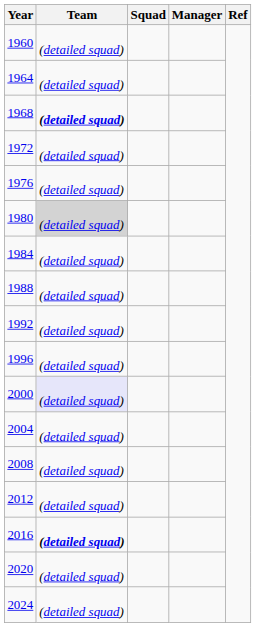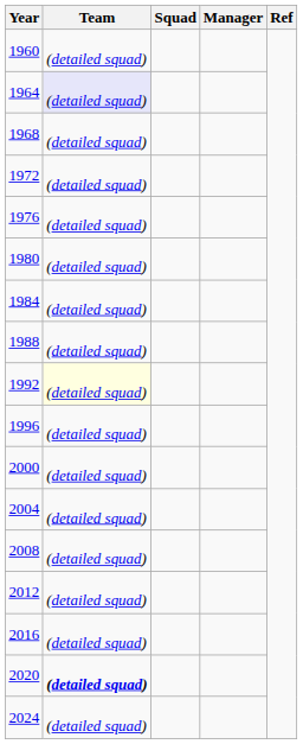 <table class="wikitable plainrowheaders sortable">
 <tr>
 <th scope=col>Year</th>
 <th scope=col>Team</th>
 <th scope=col class="unsortable">Squad</th>
 <th scope=col class="unsortable">Manager</th>
 <th scope=col class="unsortable">Ref</th>
 </tr>
 <tr>
 <td align="center"><a href='#'>1960</a></td>
 <td> <br> <em>(<a href='#'>detailed squad</a>)</em></td>
 <td>                </td>
 <td></td>
 <td rowspan="17"></td>
 </tr>
 <tr>
 <td align="center"><a href='#'>1964</a></td>
-<td> <br> <em>(<a href='#'>detailed squad</a>)</em></td>
+<td style="background: lavender;"> <br> <em>(<a href='#'>detailed squad</a>)</em></td>
 <td>               </td>
 <td></td>
 </tr>
 <tr>
 <td align="center"><a href='#'>1968</a></td>
-<td><strong> <br> <em>(<a href='#'>detailed squad</a>)</em></strong></td>
+<td> <br> <em>(<a href='#'>detailed squad</a>)</em></td>
 <td>                     </td>
 <td></td>
 </tr>
 <tr>
 <td align="center"><a href='#'>1972</a></td>
 <td> <br> <em>(<a href='#'>detailed squad</a>)</em></td>
 <td>                 </td>
 <td></td>
 </tr>
 <tr>
 <td align="center"><a href='#'>1976</a></td>
 <td data-sort-value="Germany"> <br> <em>(<a href='#'>detailed squad</a>)</em></td>
 <td>                     </td>
 <td></td>
 </tr>
 <tr>
 <td align="center"><a href='#'>1980</a></td>
-<td style="background: lightgrey;"> <br> <em>(<a href='#'>detailed squad</a>)</em></td>
+<td> <br> <em>(<a href='#'>detailed squad</a>)</em></td>
 <td>                     </td>
 <td></td>
 </tr>
 <tr>
 <td align="center"><a href='#'>1984</a></td>
 <td> <br> <em>(<a href='#'>detailed squad</a>)</em></td>
 <td>                   </td>
 <td></td>
 </tr>
 <tr>
 <td align="center"><a href='#'>1988</a></td>
 <td> <br> <em>(<a href='#'>detailed squad</a>)</em></td>
 <td>                   </td>
 <td></td>
 </tr>
 <tr>
 <td align="center"><a href='#'>1992</a></td>
-<td data-sort-value="Germany"> <br> <em>(<a href='#'>detailed squad</a>)</em></td>
+<td data-sort-value="Germany" style="background: lightyellow;"> <br> <em>(<a href='#'>detailed squad</a>)</em></td>
 <td>                   </td>
 <td></td>
 </tr>
 <tr>
 <td align="center"><a href='#'>1996</a></td>
 <td> <br> <em>(<a href='#'>detailed squad</a>)</em></td>
 <td>                      </td>
 <td></td>
 </tr>
 <tr>
 <td align="center"><a href='#'>2000</a></td>
-<td style="background: lavender;"> <br> <em>(<a href='#'>detailed squad</a>)</em></td>
+<td> <br> <em>(<a href='#'>detailed squad</a>)</em></td>
 <td>                     </td>
 <td></td>
 </tr>
 <tr>
 <td align="center"><a href='#'>2004</a></td>
 <td> <br> <em>(<a href='#'>detailed squad</a>)</em></td>
 <td>                      </td>
 <td></td>
 </tr>
 <tr>
 <td align="center"><a href='#'>2008</a></td>
 <td> <br> <em>(<a href='#'>detailed squad</a>)</em></td>
 <td>                      </td>
 <td></td>
 </tr>
 <tr>
 <td align="center"><a href='#'>2012</a></td>
 <td> <br> <em>(<a href='#'>detailed squad</a>)</em></td>
 <td>                      </td>
 <td></td>
 </tr>
 <tr>
 <td align="center"><a href='#'>2016</a></td>
-<td><strong> <br> <em>(<a href='#'>detailed squad</a>)</em></strong></td>
+<td> <br> <em>(<a href='#'>detailed squad</a>)</em></td>
 <td>                      </td>
 <td></td>
 </tr>
 <tr>
 <td align="center"><a href='#'>2020</a></td>
-<td> <br> <em>(<a href='#'>detailed squad</a>)</em></td>
+<td><strong> <br> <em>(<a href='#'>detailed squad</a>)</em></strong></td>
 <td>                         </td>
 <td></td>
 </tr>
 <tr>
 <td align="center"><a href='#'>2024</a></td>
 <td> <br> <em>(<a href='#'>detailed squad</a>)</em></td>
 <td>                         </td>
 <td></td>
 </tr>
 </table>
